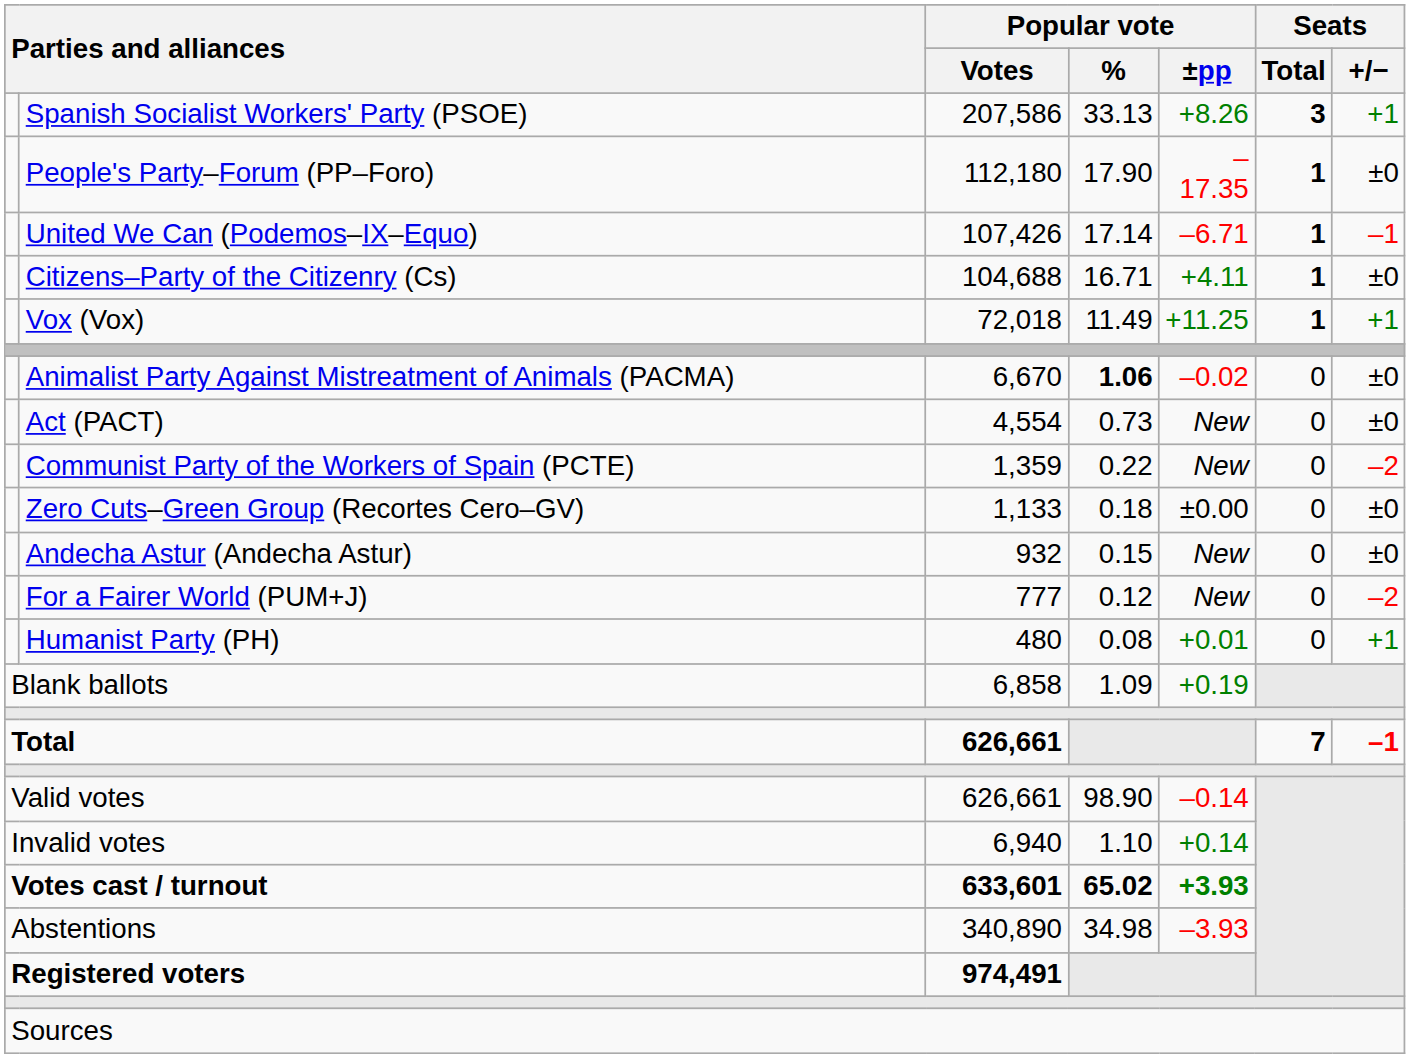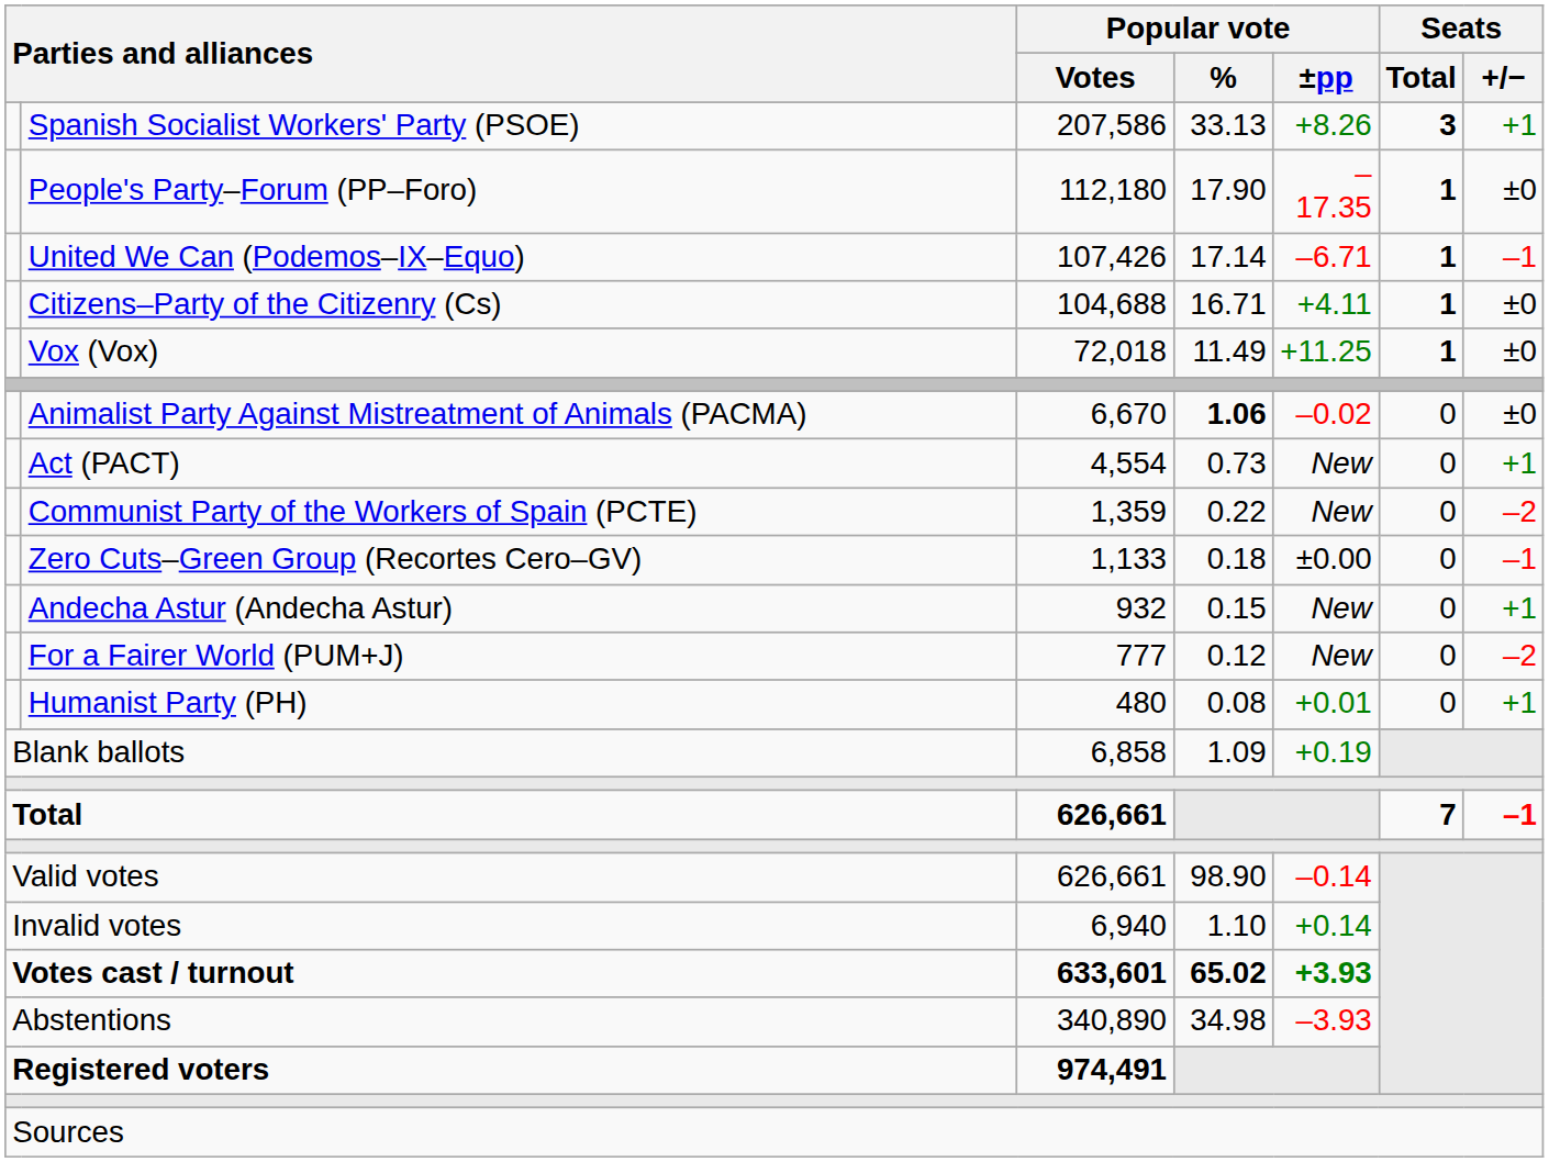 <table class="wikitable" style="text-align:right;">
 <tr>
 <th style="text-align:left;" rowspan="2" colspan="2" width="525">Parties and alliances</th>
 <th colspan="3">Popular vote</th>
 <th colspan="2">Seats</th>
 </tr>
 <tr>
 <th width="75">Votes</th>
 <th width="45">%</th>
 <th width="45">±<a href='#'>pp</a></th>
 <th width="35">Total</th>
 <th width="35">+/−</th>
 </tr>
 <tr>
 <td width="1" style="color:inherit;background:"></td>
 <td align="left"><a href='#'>Spanish Socialist Workers' Party</a> (PSOE)</td>
 <td>207,586</td>
 <td>33.13</td>
 <td style="color:green;">+8.26</td>
 <td><strong>3</strong></td>
 <td style="color:green;">+1</td>
 </tr>
 <tr>
 <td style="color:inherit;background:"></td>
 <td align="left"><a href='#'>People's Party</a>–<a href='#'>Forum</a> (PP–Foro)</td>
 <td>112,180</td>
 <td>17.90</td>
 <td style="color:red;">–17.35</td>
 <td><strong>1</strong></td>
 <td>±0</td>
 </tr>
 <tr>
 <td style="color:inherit;background:"></td>
 <td align="left"><a href='#'>United We Can</a> (<a href='#'>Podemos</a>–<a href='#'>IX</a>–<a href='#'>Equo</a>)</td>
 <td>107,426</td>
 <td>17.14</td>
 <td style="color:red;">–6.71</td>
 <td><strong>1</strong></td>
 <td style="color:red;">–1</td>
 </tr>
 <tr>
 <td style="color:inherit;background:"></td>
 <td align="left"><a href='#'>Citizens–Party of the Citizenry</a> (Cs)</td>
 <td>104,688</td>
 <td>16.71</td>
 <td style="color:green;">+4.11</td>
 <td><strong>1</strong></td>
 <td>±0</td>
 </tr>
 <tr>
 <td style="color:inherit;background:"></td>
 <td align="left"><a href='#'>Vox</a> (Vox)</td>
 <td>72,018</td>
 <td>11.49</td>
 <td style="color:green;">+11.25</td>
 <td><strong>1</strong></td>
-<td style="color:green;">+1</td>
+<td>±0</td>
 </tr>
 <tr>
 <td colspan="7" bgcolor="#C0C0C0"></td>
 </tr>
 <tr>
 <td style="color:inherit;background:"></td>
 <td align="left"><a href='#'>Animalist Party Against Mistreatment of Animals</a> (PACMA)</td>
 <td>6,670</td>
 <td><strong>1.06</strong></td>
 <td style="color:red;">–0.02</td>
 <td>0</td>
 <td>±0</td>
 </tr>
 <tr>
 <td style="color:inherit;background:"></td>
 <td align="left"><a href='#'>Act</a> (PACT)</td>
 <td>4,554</td>
 <td>0.73</td>
 <td><em>New</em></td>
 <td>0</td>
-<td>±0</td>
+<td style="color:green;">+1</td>
 </tr>
 <tr>
 <td style="color:inherit;background:"></td>
 <td align="left"><a href='#'>Communist Party of the Workers of Spain</a> (PCTE)</td>
 <td>1,359</td>
 <td>0.22</td>
 <td><em>New</em></td>
 <td>0</td>
 <td style="color:red;">–2</td>
 </tr>
 <tr>
 <td style="color:inherit;background:"></td>
 <td align="left"><a href='#'>Zero Cuts</a>–<a href='#'>Green Group</a> (Recortes Cero–GV)</td>
 <td>1,133</td>
 <td>0.18</td>
 <td>±0.00</td>
 <td>0</td>
-<td>±0</td>
+<td style="color:red;">–1</td>
 </tr>
 <tr>
 <td style="color:inherit;background:"></td>
 <td align="left"><a href='#'>Andecha Astur</a> (Andecha Astur)</td>
 <td>932</td>
 <td>0.15</td>
 <td><em>New</em></td>
 <td>0</td>
-<td>±0</td>
+<td style="color:green;">+1</td>
 </tr>
 <tr>
 <td style="color:inherit;background:"></td>
 <td align="left"><a href='#'>For a Fairer World</a> (PUM+J)</td>
 <td>777</td>
 <td>0.12</td>
 <td><em>New</em></td>
 <td>0</td>
 <td style="color:red;">–2</td>
 </tr>
 <tr>
 <td style="color:inherit;background:"></td>
 <td align="left"><a href='#'>Humanist Party</a> (PH)</td>
 <td>480</td>
 <td>0.08</td>
 <td style="color:green;">+0.01</td>
 <td>0</td>
 <td style="color:green;">+1</td>
 </tr>
 <tr>
 <td align="left" colspan="2">Blank ballots</td>
 <td>6,858</td>
 <td>1.09</td>
 <td style="color:green;">+0.19</td>
 <td bgcolor="#E9E9E9" colspan="2"></td>
 </tr>
 <tr>
 <td colspan="7" bgcolor="#E9E9E9"></td>
 </tr>
 <tr style="font-weight:bold;">
 <td align="left" colspan="2">Total</td>
 <td>626,661</td>
 <td bgcolor="#E9E9E9" colspan="2"></td>
 <td>7</td>
 <td style="color:red;">–1</td>
 </tr>
 <tr>
 <td colspan="7" bgcolor="#E9E9E9"></td>
 </tr>
 <tr>
 <td align="left" colspan="2">Valid votes</td>
 <td>626,661</td>
 <td>98.90</td>
 <td style="color:red;">–0.14</td>
 <td bgcolor="#E9E9E9" colspan="2" rowspan="5"></td>
 </tr>
 <tr>
 <td align="left" colspan="2">Invalid votes</td>
 <td>6,940</td>
 <td>1.10</td>
 <td style="color:green;">+0.14</td>
 </tr>
 <tr style="font-weight:bold;">
 <td align="left" colspan="2">Votes cast / turnout</td>
 <td>633,601</td>
 <td>65.02</td>
 <td style="color:green;">+3.93</td>
 </tr>
 <tr>
 <td align="left" colspan="2">Abstentions</td>
 <td>340,890</td>
 <td>34.98</td>
 <td style="color:red;">–3.93</td>
 </tr>
 <tr style="font-weight:bold;">
 <td align="left" colspan="2">Registered voters</td>
 <td>974,491</td>
 <td bgcolor="#E9E9E9" colspan="2"></td>
 </tr>
 <tr>
 <td colspan="7" bgcolor="#E9E9E9"></td>
 </tr>
 <tr>
 <td align="left" colspan="7">Sources</td>
 </tr>
 </table>
